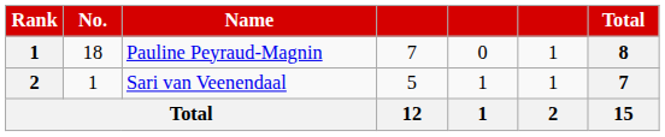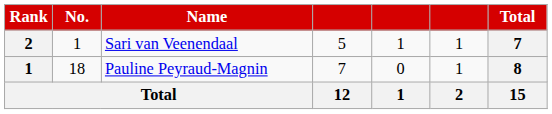 <table class="wikitable" style="text-align:center; font-size:100%; ">
 <tr>
 <th style="background:#d50000; color:white; text-align:center; width:40px">Rank</th>
 <th style="background:#d50000; color:white; text-align:center; width:40px">No.</th>
 <th style="background:#d50000; color:white; text-align:center; width:200px">Name</th>
 <th style="background:#d50000; color:white; text-align:center; width:50px;"><a href='#'></a></th>
 <th style="background:#d50000; color:white; text-align:center; width:50px;"><a href='#'></a></th>
 <th style="background:#d50000; color:white; text-align:center; width:50px;"><a href='#'></a></th>
 <th style="background:#d50000; color:white; text-align:center; width:50px;">Total</th>
 </tr>
 <tr>
+<th>2</th>
+<td>1</td>
+<td style="text-align:left;"> <a href='#'>Sari van Veenendaal</a></td>
+<td>5</td>
+<td>1</td>
+<td>1</td>
+<th>7</th>
+</tr>
+<tr>
 <th>1</th>
 <td>18</td>
 <td style="text-align:left;"> <a href='#'>Pauline Peyraud-Magnin</a></td>
 <td>7</td>
 <td>0</td>
 <td>1</td>
 <th>8</th>
 </tr>
 <tr>
-<th>2</th>
-<td>1</td>
-<td style="text-align:left;"> <a href='#'>Sari van Veenendaal</a></td>
-<td>5</td>
-<td>1</td>
-<td>1</td>
-<th>7</th>
-</tr>
-<tr>
 <th colspan="3">Total</th>
 <th>12</th>
 <th>1</th>
 <th>2</th>
 <th>15</th>
 </tr>
 </table>
